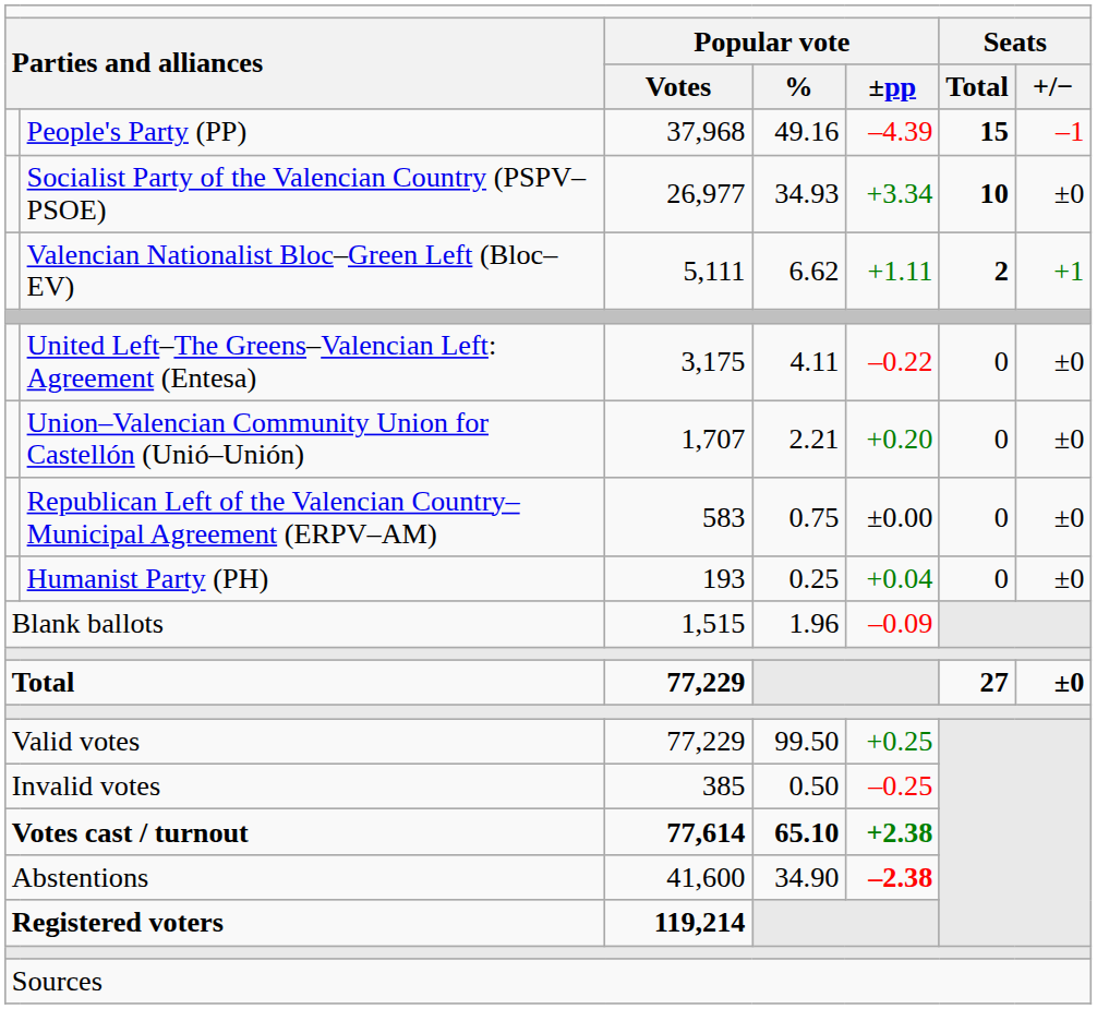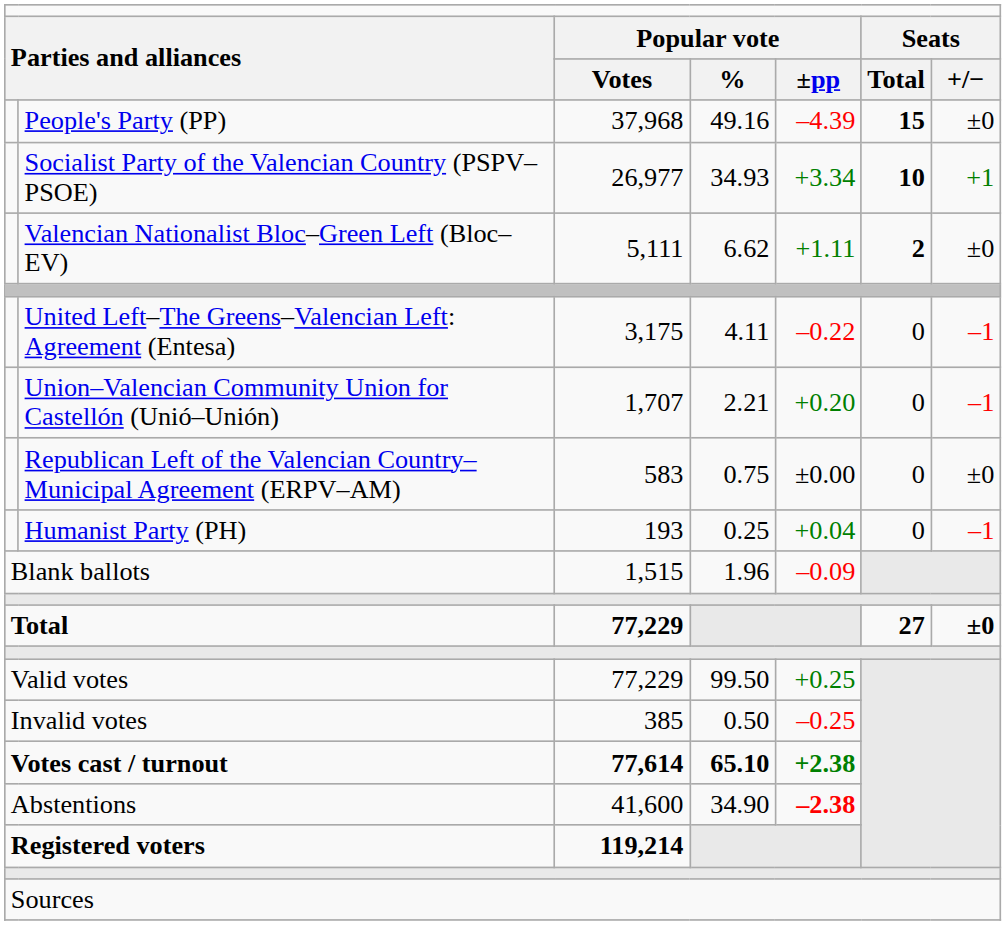 <table class="wikitable" style="text-align:right;">
 <tr>
 <td colspan="7"></td>
 </tr>
 <tr>
 <th style="text-align:left;" rowspan="2" colspan="2" width="525">Parties and alliances</th>
 <th colspan="3">Popular vote</th>
 <th colspan="2">Seats</th>
 </tr>
 <tr>
 <th width="75">Votes</th>
 <th width="45">%</th>
 <th width="45">±<a href='#'>pp</a></th>
 <th width="35">Total</th>
 <th width="35">+/−</th>
 </tr>
 <tr>
 <td width="1" style="color:inherit;background:"></td>
 <td align="left"><a href='#'>People's Party</a> (PP)</td>
 <td>37,968</td>
 <td>49.16</td>
 <td style="color:red;">–4.39</td>
 <td><strong>15</strong></td>
-<td style="color:red;">–1</td>
+<td>±0</td>
 </tr>
 <tr>
 <td style="color:inherit;background:"></td>
 <td align="left"><a href='#'>Socialist Party of the Valencian Country</a> (PSPV–PSOE)</td>
 <td>26,977</td>
 <td>34.93</td>
 <td style="color:green;">+3.34</td>
 <td><strong>10</strong></td>
-<td>±0</td>
+<td style="color:green;">+1</td>
 </tr>
 <tr>
 <td style="color:inherit;background:"></td>
 <td align="left"><a href='#'>Valencian Nationalist Bloc</a>–<a href='#'>Green Left</a> (Bloc–EV)</td>
 <td>5,111</td>
 <td>6.62</td>
 <td style="color:green;">+1.11</td>
 <td><strong>2</strong></td>
-<td style="color:green;">+1</td>
+<td>±0</td>
 </tr>
 <tr>
 <td colspan="7" bgcolor="#C0C0C0"></td>
 </tr>
 <tr>
 <td style="color:inherit;background:"></td>
 <td align="left"><a href='#'>United Left</a>–<a href='#'>The Greens</a>–<a href='#'>Valencian Left</a>: <a href='#'>Agreement</a> (Entesa)</td>
 <td>3,175</td>
 <td>4.11</td>
 <td style="color:red;">–0.22</td>
 <td>0</td>
-<td>±0</td>
+<td style="color:red;">–1</td>
 </tr>
 <tr>
 <td style="color:inherit;background:"></td>
 <td align="left"><a href='#'>Union–Valencian Community Union for Castellón</a> (Unió–Unión)</td>
 <td>1,707</td>
 <td>2.21</td>
 <td style="color:green;">+0.20</td>
 <td>0</td>
-<td>±0</td>
+<td style="color:red;">–1</td>
 </tr>
 <tr>
 <td style="color:inherit;background:"></td>
 <td align="left"><a href='#'>Republican Left of the Valencian Country–Municipal Agreement</a> (ERPV–AM)</td>
 <td>583</td>
 <td>0.75</td>
 <td>±0.00</td>
 <td>0</td>
 <td>±0</td>
 </tr>
 <tr>
 <td style="color:inherit;background:"></td>
 <td align="left"><a href='#'>Humanist Party</a> (PH)</td>
 <td>193</td>
 <td>0.25</td>
 <td style="color:green;">+0.04</td>
 <td>0</td>
-<td>±0</td>
+<td style="color:red;">–1</td>
 </tr>
 <tr>
 <td align="left" colspan="2">Blank ballots</td>
 <td>1,515</td>
 <td>1.96</td>
 <td style="color:red;">–0.09</td>
 <td bgcolor="#E9E9E9" colspan="2"></td>
 </tr>
 <tr>
 <td colspan="7" bgcolor="#E9E9E9"></td>
 </tr>
 <tr style="font-weight:bold;">
 <td align="left" colspan="2">Total</td>
 <td>77,229</td>
 <td bgcolor="#E9E9E9" colspan="2"></td>
 <td>27</td>
 <td>±0</td>
 </tr>
 <tr>
 <td colspan="7" bgcolor="#E9E9E9"></td>
 </tr>
 <tr>
 <td align="left" colspan="2">Valid votes</td>
 <td>77,229</td>
 <td>99.50</td>
 <td style="color:green;">+0.25</td>
 <td bgcolor="#E9E9E9" colspan="2" rowspan="5"></td>
 </tr>
 <tr>
 <td align="left" colspan="2">Invalid votes</td>
 <td>385</td>
 <td>0.50</td>
 <td style="color:red;">–0.25</td>
 </tr>
 <tr style="font-weight:bold;">
 <td align="left" colspan="2">Votes cast / turnout</td>
 <td>77,614</td>
 <td>65.10</td>
 <td style="color:green;">+2.38</td>
 </tr>
 <tr>
 <td align="left" colspan="2">Abstentions</td>
 <td>41,600</td>
 <td>34.90</td>
 <td style="color:red;"><strong>–2.38</strong></td>
 </tr>
 <tr style="font-weight:bold;">
 <td align="left" colspan="2">Registered voters</td>
 <td>119,214</td>
 <td bgcolor="#E9E9E9" colspan="2"></td>
 </tr>
 <tr>
 <td colspan="7" bgcolor="#E9E9E9"></td>
 </tr>
 <tr>
 <td align="left" colspan="7">Sources</td>
 </tr>
 </table>
